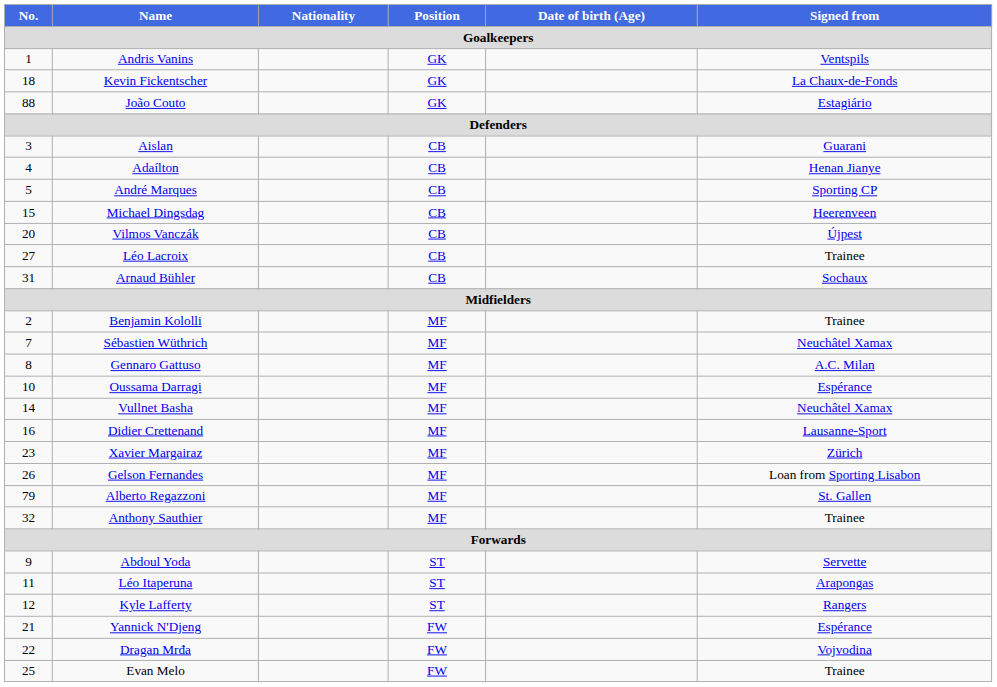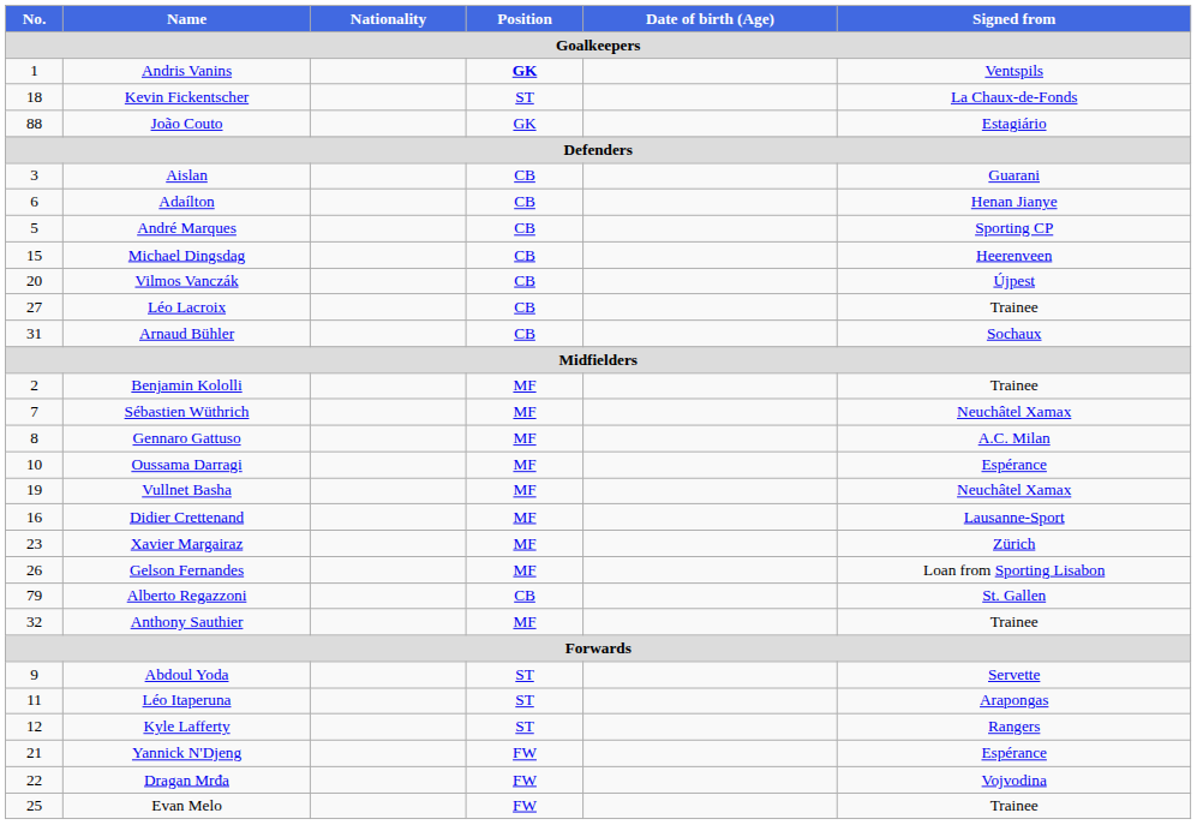 <table class="wikitable"  style="text-align:center; font-size:90%; width:85%;">
 <tr>
 <th style="background:#4169E1; color:white; text-align:center;">No.</th>
 <th style="background:#4169E1; color:white; text-align:center;">Name</th>
 <th style="background:#4169E1; color:white; text-align:center;">Nationality</th>
 <th style="background:#4169E1; color:white; text-align:center;">Position</th>
 <th style="background:#4169E1; color:white; text-align:center;">Date of birth (Age)</th>
 <th style="background:#4169E1; color:white; text-align:center;">Signed from</th>
 </tr>
 <tr>
 <th colspan=11  style="background:#dcdcdc; text-align:center;">Goalkeepers</th>
 </tr>
 <tr>
 <td>1</td>
 <td><a href='#'>Andris Vanins</a></td>
 <td></td>
-<td><a href='#'>GK</a></td>
+<td><strong><a href='#'>GK</a></strong></td>
 <td></td>
 <td><a href='#'>Ventspils</a></td>
 </tr>
 <tr>
 <td>18</td>
 <td><a href='#'>Kevin Fickentscher</a></td>
 <td></td>
-<td><a href='#'>GK</a></td>
+<td><a href='#'>ST</a></td>
 <td></td>
 <td><a href='#'>La Chaux-de-Fonds</a></td>
 </tr>
 <tr>
 <td>88</td>
 <td><a href='#'>João Couto</a></td>
 <td></td>
 <td><a href='#'>GK</a></td>
 <td></td>
 <td><a href='#'>Estagiário</a></td>
 </tr>
 <tr>
 <th colspan=11  style="background:#dcdcdc; text-align:center;">Defenders</th>
 </tr>
 <tr>
 <td>3</td>
 <td><a href='#'>Aislan</a></td>
 <td></td>
 <td><a href='#'>CB</a></td>
 <td></td>
 <td><a href='#'>Guarani</a></td>
 </tr>
 <tr>
-<td>4</td>
+<td>6</td>
 <td><a href='#'>Adaílton</a></td>
 <td></td>
 <td><a href='#'>CB</a></td>
 <td></td>
 <td><a href='#'>Henan Jianye</a></td>
 </tr>
 <tr>
 <td>5</td>
 <td><a href='#'>André Marques</a></td>
 <td></td>
 <td><a href='#'>CB</a></td>
 <td></td>
 <td><a href='#'>Sporting CP</a></td>
 </tr>
 <tr>
 <td>15</td>
 <td><a href='#'>Michael Dingsdag</a></td>
 <td></td>
 <td><a href='#'>CB</a></td>
 <td></td>
 <td><a href='#'>Heerenveen</a></td>
 </tr>
 <tr>
 <td>20</td>
 <td><a href='#'>Vilmos Vanczák</a></td>
 <td></td>
 <td><a href='#'>CB</a></td>
 <td></td>
 <td><a href='#'>Újpest</a></td>
 </tr>
 <tr>
 <td>27</td>
 <td><a href='#'>Léo Lacroix</a></td>
 <td></td>
 <td><a href='#'>CB</a></td>
 <td></td>
 <td>Trainee</td>
 </tr>
 <tr>
 <td>31</td>
 <td><a href='#'>Arnaud Bühler</a></td>
 <td></td>
 <td><a href='#'>CB</a></td>
 <td></td>
 <td><a href='#'>Sochaux</a></td>
 </tr>
 <tr>
 <th colspan=11  style="background:#dcdcdc; text-align:center;">Midfielders</th>
 </tr>
 <tr>
 <td>2</td>
 <td><a href='#'>Benjamin Kololli</a></td>
 <td></td>
 <td><a href='#'>MF</a></td>
 <td></td>
 <td>Trainee</td>
 </tr>
 <tr>
 <td>7</td>
 <td><a href='#'>Sébastien Wüthrich</a></td>
 <td></td>
 <td><a href='#'>MF</a></td>
 <td></td>
 <td><a href='#'>Neuchâtel Xamax</a></td>
 </tr>
 <tr>
 <td>8</td>
 <td><a href='#'>Gennaro Gattuso</a></td>
 <td></td>
 <td><a href='#'>MF</a></td>
 <td></td>
 <td><a href='#'>A.C. Milan</a></td>
 </tr>
 <tr>
 <td>10</td>
 <td><a href='#'>Oussama Darragi</a></td>
 <td></td>
 <td><a href='#'>MF</a></td>
 <td></td>
 <td><a href='#'>Espérance</a></td>
 </tr>
 <tr>
-<td>14</td>
+<td>19</td>
 <td><a href='#'>Vullnet Basha</a></td>
 <td></td>
 <td><a href='#'>MF</a></td>
 <td></td>
 <td><a href='#'>Neuchâtel Xamax</a></td>
 </tr>
 <tr>
 <td>16</td>
 <td><a href='#'>Didier Crettenand</a></td>
 <td></td>
 <td><a href='#'>MF</a></td>
 <td></td>
 <td><a href='#'>Lausanne-Sport</a></td>
 </tr>
 <tr>
 <td>23</td>
 <td><a href='#'>Xavier Margairaz</a></td>
 <td></td>
 <td><a href='#'>MF</a></td>
 <td></td>
 <td><a href='#'>Zürich</a></td>
 </tr>
 <tr>
 <td>26</td>
 <td><a href='#'>Gelson Fernandes</a></td>
 <td></td>
 <td><a href='#'>MF</a></td>
 <td></td>
 <td>Loan from <a href='#'>Sporting Lisabon</a></td>
 </tr>
 <tr>
 <td>79</td>
 <td><a href='#'>Alberto Regazzoni</a></td>
 <td></td>
-<td><a href='#'>MF</a></td>
+<td><a href='#'>CB</a></td>
 <td></td>
 <td><a href='#'>St. Gallen</a></td>
 </tr>
 <tr>
 <td>32</td>
 <td><a href='#'>Anthony Sauthier</a></td>
 <td></td>
 <td><a href='#'>MF</a></td>
 <td></td>
 <td>Trainee</td>
 </tr>
 <tr>
 <th colspan=11  style="background:#dcdcdc; text-align:center;">Forwards</th>
 </tr>
 <tr>
 <td>9</td>
 <td><a href='#'>Abdoul Yoda</a></td>
 <td></td>
 <td><a href='#'>ST</a></td>
 <td></td>
 <td><a href='#'>Servette</a></td>
 </tr>
 <tr>
 <td>11</td>
 <td><a href='#'>Léo Itaperuna</a></td>
 <td></td>
 <td><a href='#'>ST</a></td>
 <td></td>
 <td><a href='#'>Arapongas</a></td>
 </tr>
 <tr>
 <td>12</td>
 <td><a href='#'>Kyle Lafferty</a></td>
 <td></td>
 <td><a href='#'>ST</a></td>
 <td></td>
 <td><a href='#'>Rangers</a><br></td>
 </tr>
 <tr>
 <td>21</td>
 <td><a href='#'>Yannick N'Djeng</a></td>
 <td></td>
 <td><a href='#'>FW</a></td>
 <td></td>
 <td><a href='#'>Espérance</a></td>
 </tr>
 <tr>
 <td>22</td>
 <td><a href='#'>Dragan Mrđa</a></td>
 <td></td>
 <td><a href='#'>FW</a></td>
 <td></td>
 <td><a href='#'>Vojvodina</a></td>
 </tr>
 <tr>
 <td>25</td>
 <td>Evan Melo</td>
 <td></td>
 <td><a href='#'>FW</a></td>
 <td></td>
 <td>Trainee<br> </td>
 </tr>
 </table>
